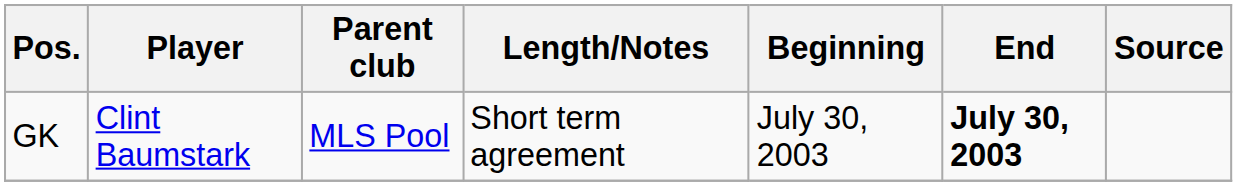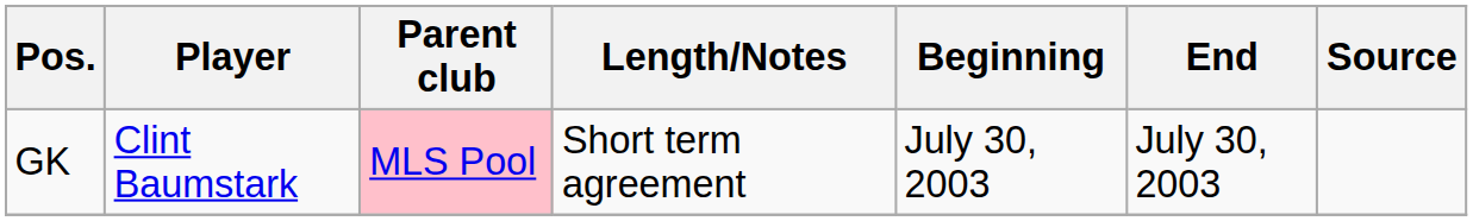 <table class="wikitable sortable" style="text-align: left">
 <tr>
 <th><strong>Pos.</strong></th>
 <th><strong>Player</strong></th>
 <th><strong>Parent club</strong></th>
 <th><strong>Length/Notes</strong></th>
 <th><strong>Beginning</strong></th>
 <th><strong>End</strong></th>
 <th><strong>Source</strong></th>
 </tr>
 <tr>
 <td>GK</td>
 <td> <a href='#'>Clint Baumstark</a></td>
-<td> <a href='#'>MLS Pool</a></td>
+<td style="background: pink;"> <a href='#'>MLS Pool</a></td>
 <td>Short term agreement</td>
 <td>July 30, 2003</td>
-<td><strong>July 30, 2003</strong></td>
+<td>July 30, 2003</td>
 <td align=center></td>
 </tr>
 <tr>
 </tr>
 </table>
